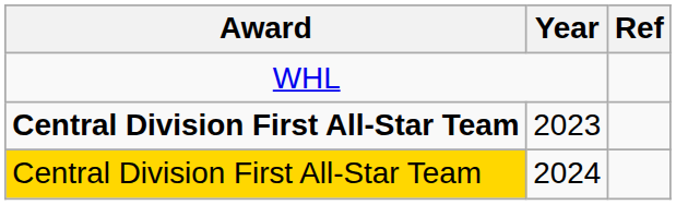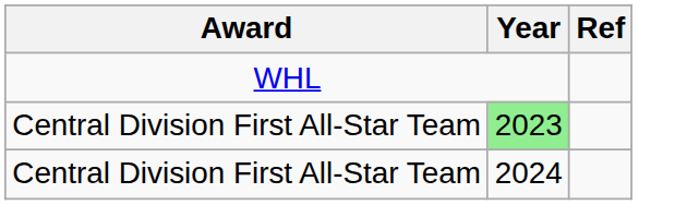 <table class="wikitable">
 <tr>
 <th>Award</th>
 <th>Year</th>
 <th>Ref</th>
 </tr>
 <tr ALIGN="center">
 <td colspan="2"><a href='#'>WHL</a></td>
 <td></td>
 </tr>
 <tr>
-<td><strong>Central Division First All-Star Team</strong></td>
-<td>2023</td>
+<td>Central Division First All-Star Team</td>
+<td style="background: lightgreen;">2023</td>
 <td></td>
 </tr>
 <tr>
-<td style="background: gold;">Central Division First All-Star Team</td>
+<td>Central Division First All-Star Team</td>
 <td>2024</td>
 <td></td>
 </tr>
 </table>
